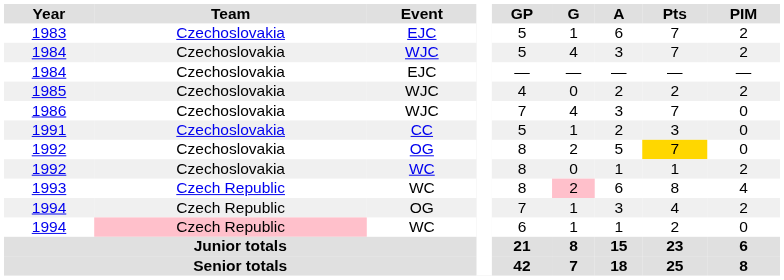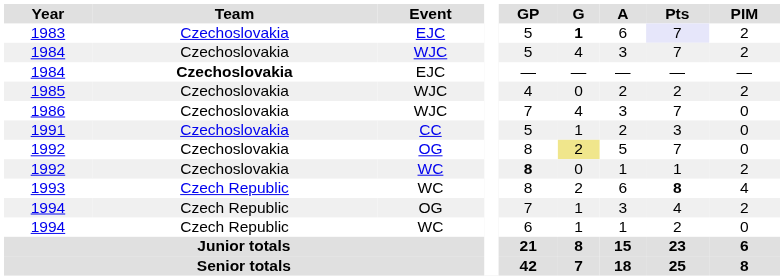 <table border="0" cellpadding="1" cellspacing="0" style="text-align:center; width:50em">
 <tr ALIGN="center" bgcolor="#e0e0e0">
 <th>Year</th>
 <th>Team</th>
 <th>Event</th>
 <th rowspan="99" bgcolor="#ffffff"> </th>
 <th>GP</th>
 <th>G</th>
 <th>A</th>
 <th>Pts</th>
 <th>PIM</th>
 </tr>
 <tr>
 <td><a href='#'>1983</a></td>
 <td><a href='#'>Czechoslovakia</a></td>
 <td><a href='#'>EJC</a></td>
 <td>5</td>
-<td>1</td>
+<td><strong>1</strong></td>
 <td>6</td>
-<td>7</td>
+<td style="background: lavender;">7</td>
 <td>2</td>
 </tr>
 <tr bgcolor="#f0f0f0">
 <td><a href='#'>1984</a></td>
 <td>Czechoslovakia</td>
 <td><a href='#'>WJC</a></td>
 <td>5</td>
 <td>4</td>
 <td>3</td>
 <td>7</td>
 <td>2</td>
 </tr>
 <tr>
 <td><a href='#'>1984</a></td>
-<td>Czechoslovakia</td>
+<td><strong>Czechoslovakia</strong></td>
 <td>EJC</td>
 <td>—</td>
 <td>—</td>
 <td>—</td>
 <td>—</td>
 <td>—</td>
 </tr>
 <tr bgcolor="#f0f0f0">
 <td><a href='#'>1985</a></td>
 <td>Czechoslovakia</td>
 <td>WJC</td>
 <td>4</td>
 <td>0</td>
 <td>2</td>
 <td>2</td>
 <td>2</td>
 </tr>
 <tr>
 <td><a href='#'>1986</a></td>
 <td>Czechoslovakia</td>
 <td>WJC</td>
 <td>7</td>
 <td>4</td>
 <td>3</td>
 <td>7</td>
 <td>0</td>
 </tr>
 <tr bgcolor="#f0f0f0">
 <td><a href='#'>1991</a></td>
 <td><a href='#'>Czechoslovakia</a></td>
 <td><a href='#'>CC</a></td>
 <td>5</td>
 <td>1</td>
 <td>2</td>
 <td>3</td>
 <td>0</td>
 </tr>
 <tr>
 <td><a href='#'>1992</a></td>
 <td>Czechoslovakia</td>
 <td><a href='#'>OG</a></td>
 <td>8</td>
-<td>2</td>
+<td style="background: khaki;">2</td>
 <td>5</td>
-<td style="background: gold;">7</td>
+<td>7</td>
 <td>0</td>
 </tr>
 <tr bgcolor="#f0f0f0">
 <td><a href='#'>1992</a></td>
 <td>Czechoslovakia</td>
 <td><a href='#'>WC</a></td>
-<td>8</td>
+<td><strong>8</strong></td>
 <td>0</td>
 <td>1</td>
 <td>1</td>
 <td>2</td>
 </tr>
 <tr>
 <td><a href='#'>1993</a></td>
 <td><a href='#'>Czech Republic</a></td>
 <td>WC</td>
 <td>8</td>
-<td style="background: pink;">2</td>
+<td>2</td>
 <td>6</td>
-<td>8</td>
+<td><strong>8</strong></td>
 <td>4</td>
 </tr>
 <tr bgcolor="#f0f0f0">
 <td><a href='#'>1994</a></td>
 <td>Czech Republic</td>
 <td>OG</td>
 <td>7</td>
 <td>1</td>
 <td>3</td>
 <td>4</td>
 <td>2</td>
 </tr>
 <tr>
 <td><a href='#'>1994</a></td>
-<td style="background: pink;">Czech Republic</td>
+<td>Czech Republic</td>
 <td>WC</td>
 <td>6</td>
 <td>1</td>
 <td>1</td>
 <td>2</td>
 <td>0</td>
 </tr>
 <tr bgcolor="#e0e0e0">
 <th colspan=3>Junior totals</th>
 <th>21</th>
 <th>8</th>
 <th>15</th>
 <th>23</th>
 <th>6</th>
 </tr>
 <tr bgcolor="#e0e0e0">
 <th colspan=3>Senior totals</th>
 <th>42</th>
 <th>7</th>
 <th>18</th>
 <th>25</th>
 <th>8</th>
 </tr>
 </table>
